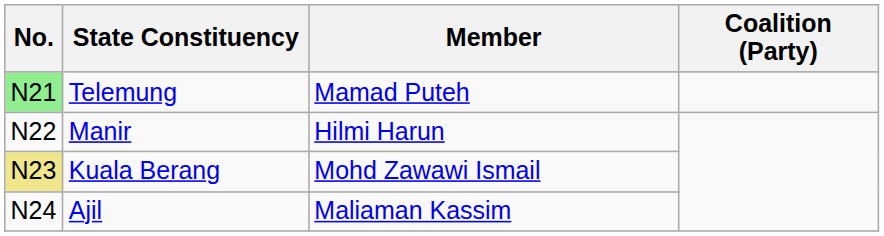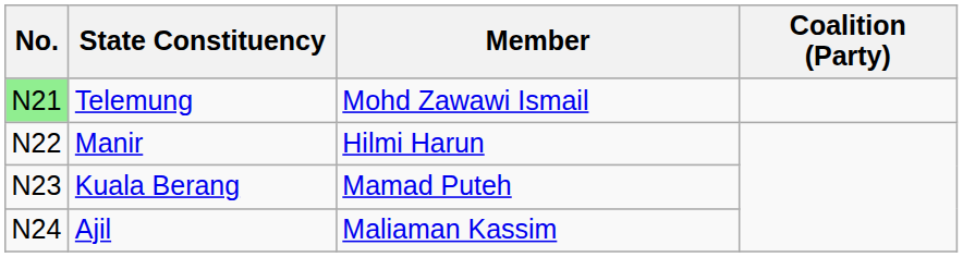 <table class="wikitable">
 <tr>
 <th width="30">No.</th>
 <th width="150">State Constituency</th>
 <th width="230">Member</th>
 <th width="120">Coalition (Party)</th>
 </tr>
 <tr>
 <td style="background: lightgreen;">N21</td>
 <td><a href='#'>Telemung</a></td>
-<td><a href='#'>Mamad Puteh</a></td>
+<td><a href='#'>Mohd Zawawi Ismail</a></td>
 <td></td>
 </tr>
 <tr>
 <td>N22</td>
 <td><a href='#'>Manir</a></td>
 <td><a href='#'>Hilmi Harun</a></td>
 <td rowspan=3></td>
 </tr>
 <tr>
-<td style="background: khaki;">N23</td>
+<td>N23</td>
 <td><a href='#'>Kuala Berang</a></td>
-<td><a href='#'>Mohd Zawawi Ismail</a></td>
+<td><a href='#'>Mamad Puteh</a></td>
 </tr>
 <tr>
 <td>N24</td>
 <td><a href='#'>Ajil</a></td>
 <td><a href='#'>Maliaman Kassim</a></td>
 </tr>
 </table>
